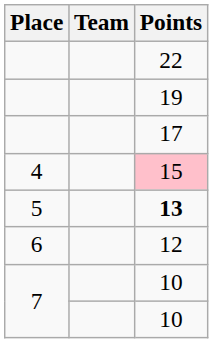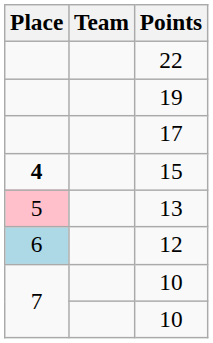 <table class="wikitable" style="text-align:center; padding-bottom:0;">
 <tr>
 <th>Place</th>
 <th style="text-align:left;">Team</th>
 <th>Points</th>
 </tr>
 <tr>
 <td></td>
 <td align=left></td>
 <td>22</td>
 </tr>
 <tr>
 <td></td>
 <td align=left></td>
 <td>19</td>
 </tr>
 <tr>
 <td></td>
 <td align=left></td>
 <td>17</td>
 </tr>
 <tr>
-<td>4</td>
+<td><strong>4</strong></td>
 <td align=left></td>
-<td style="background: pink;">15</td>
+<td>15</td>
 </tr>
 <tr>
-<td>5</td>
+<td style="background: pink;">5</td>
 <td align=left></td>
-<td><strong>13</strong></td>
+<td>13</td>
 </tr>
 <tr>
-<td>6</td>
+<td style="background: lightblue;">6</td>
 <td align=left></td>
 <td>12</td>
 </tr>
 <tr>
 <td rowspan=2>7</td>
 <td align=left></td>
 <td>10</td>
 </tr>
 <tr>
 <td align=left></td>
 <td>10</td>
 </tr>
 </table>
